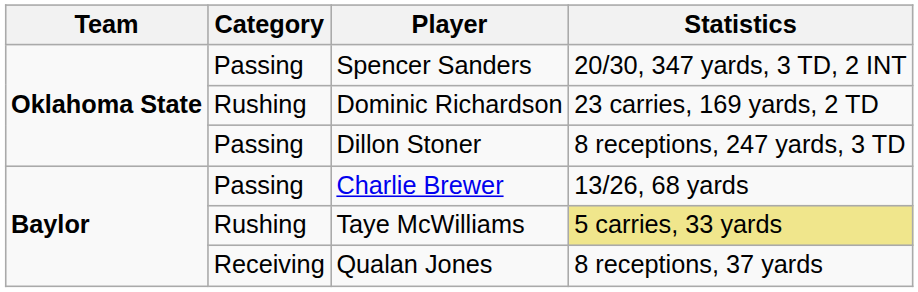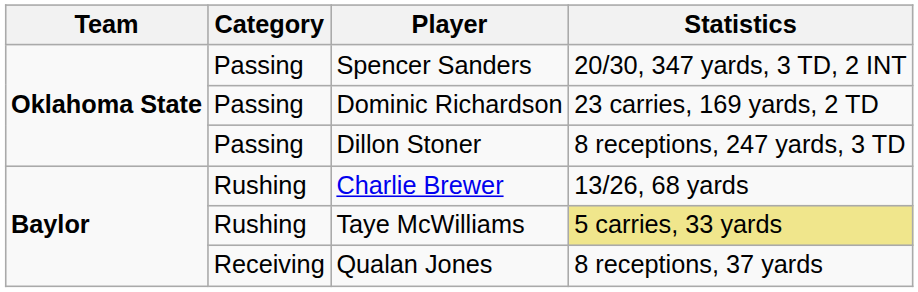 <table class="wikitable" style="float: right;">
 <tr>
 <th>Team</th>
 <th>Category</th>
 <th>Player</th>
 <th>Statistics</th>
 </tr>
 <tr>
 <td rowspan=3><strong>Oklahoma State</strong></td>
 <td>Passing</td>
 <td>Spencer Sanders</td>
 <td>20/30, 347 yards, 3 TD, 2 INT</td>
 </tr>
 <tr>
-<td>Rushing</td>
+<td>Passing</td>
 <td>Dominic Richardson</td>
 <td>23 carries, 169 yards, 2 TD</td>
 </tr>
 <tr>
 <td>Passing</td>
 <td>Dillon Stoner</td>
 <td>8 receptions, 247 yards, 3 TD</td>
 </tr>
 <tr>
 <td rowspan=3><strong>Baylor</strong></td>
-<td>Passing</td>
+<td>Rushing</td>
 <td><a href='#'>Charlie Brewer</a></td>
 <td>13/26, 68 yards</td>
 </tr>
 <tr>
 <td>Rushing</td>
 <td>Taye McWilliams</td>
 <td style="background: khaki;">5 carries, 33 yards</td>
 </tr>
 <tr>
 <td>Receiving</td>
 <td>Qualan Jones</td>
 <td>8 receptions, 37 yards</td>
 </tr>
 </table>
